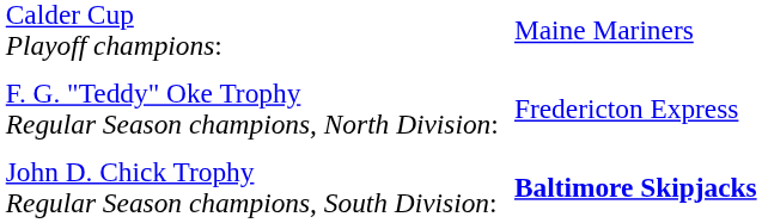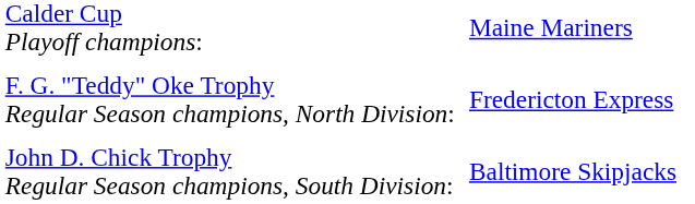 <table cellpadding="3" cellspacing="3">
 <tr>
 <td><a href='#'>Calder Cup</a><br><em>Playoff champions</em>:</td>
 <td><a href='#'>Maine Mariners</a></td>
 </tr>
 <tr>
 <td><a href='#'>F. G. "Teddy" Oke Trophy</a><br><em>Regular Season champions, North Division</em>:</td>
 <td><a href='#'>Fredericton Express</a></td>
 </tr>
 <tr>
 <td><a href='#'>John D. Chick Trophy</a><br><em>Regular Season champions, South Division</em>:</td>
-<td><strong><a href='#'>Baltimore Skipjacks</a></strong></td>
+<td><a href='#'>Baltimore Skipjacks</a></td>
 </tr>
 </table>
